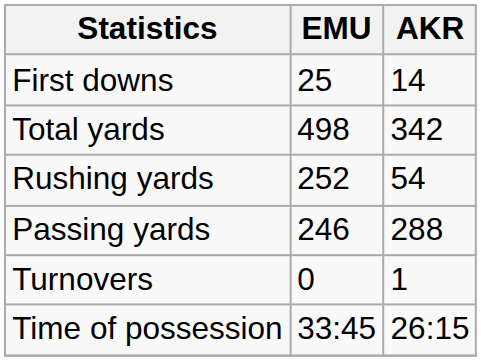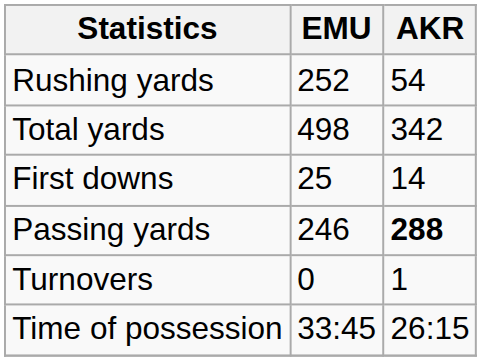 <table class="wikitable">
 <tr>
 <th>Statistics</th>
 <th>EMU</th>
 <th>AKR</th>
 </tr>
 <tr>
-<td>First downs</td>
-<td>25</td>
-<td>14</td>
+<td>Rushing yards</td>
+<td>252</td>
+<td>54</td>
 </tr>
 <tr>
 <td>Total yards</td>
 <td>498</td>
 <td>342</td>
 </tr>
 <tr>
-<td>Rushing yards</td>
-<td>252</td>
-<td>54</td>
+<td>First downs</td>
+<td>25</td>
+<td>14</td>
 </tr>
 <tr>
 <td>Passing yards</td>
 <td>246</td>
-<td>288</td>
+<td><strong>288</strong></td>
 </tr>
 <tr>
 <td>Turnovers</td>
 <td>0</td>
 <td>1</td>
 </tr>
 <tr>
 <td>Time of possession</td>
 <td>33:45</td>
 <td>26:15</td>
 </tr>
 <tr>
 </tr>
 </table>
